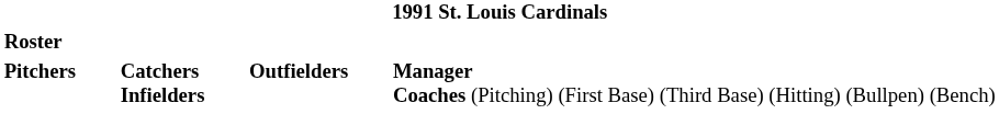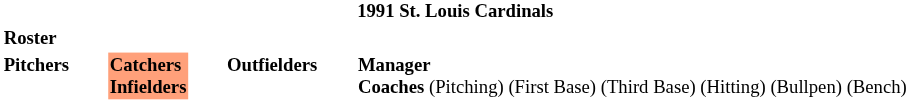 <table class="toccolours" style="font-size: 95%;">
 <tr>
 <th colspan="10">1991 St. Louis Cardinals</th>
 </tr>
 <tr>
 <td colspan="10"><strong>Roster</strong></td>
 </tr>
 <tr>
 <td valign="top"><strong>Pitchers</strong><br>                </td>
 <td width="25px"></td>
-<td valign="top"><strong>Catchers</strong><br>   <strong>Infielders</strong>           </td>
+<td valign="top" style="background: lightsalmon;"><strong>Catchers</strong><br>   <strong>Infielders</strong>           </td>
 <td width="25px"></td>
 <td valign="top"><strong>Outfielders</strong><br>    </td>
 <td width="25px"></td>
 <td valign="top"><strong>Manager</strong><br> <strong>Coaches</strong>  (Pitching)  (First Base)  (Third Base)  (Hitting)  (Bullpen)  (Bench)</td>
 </tr>
 </table>
